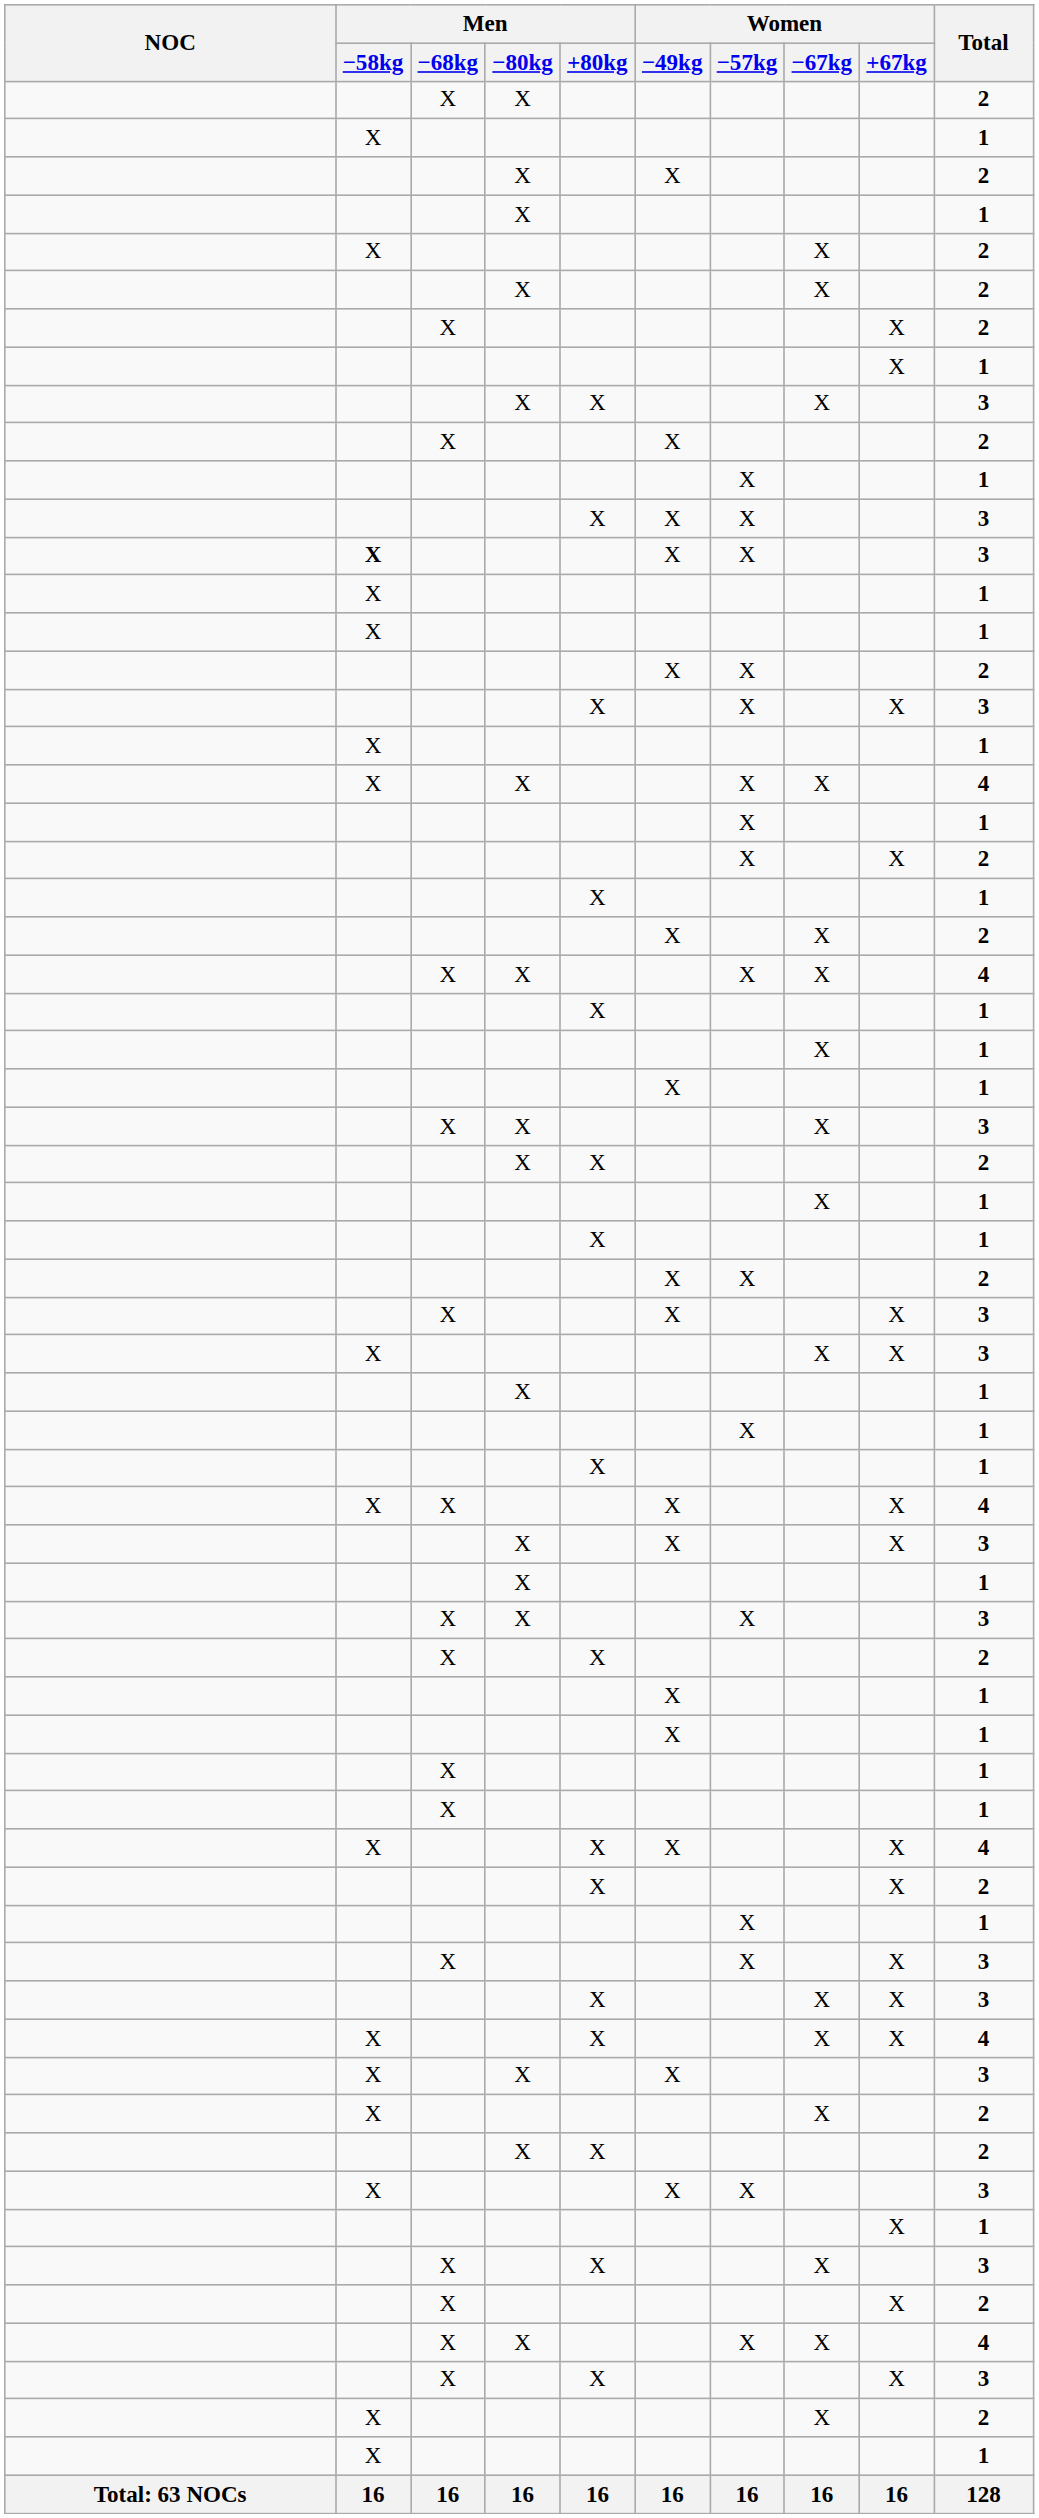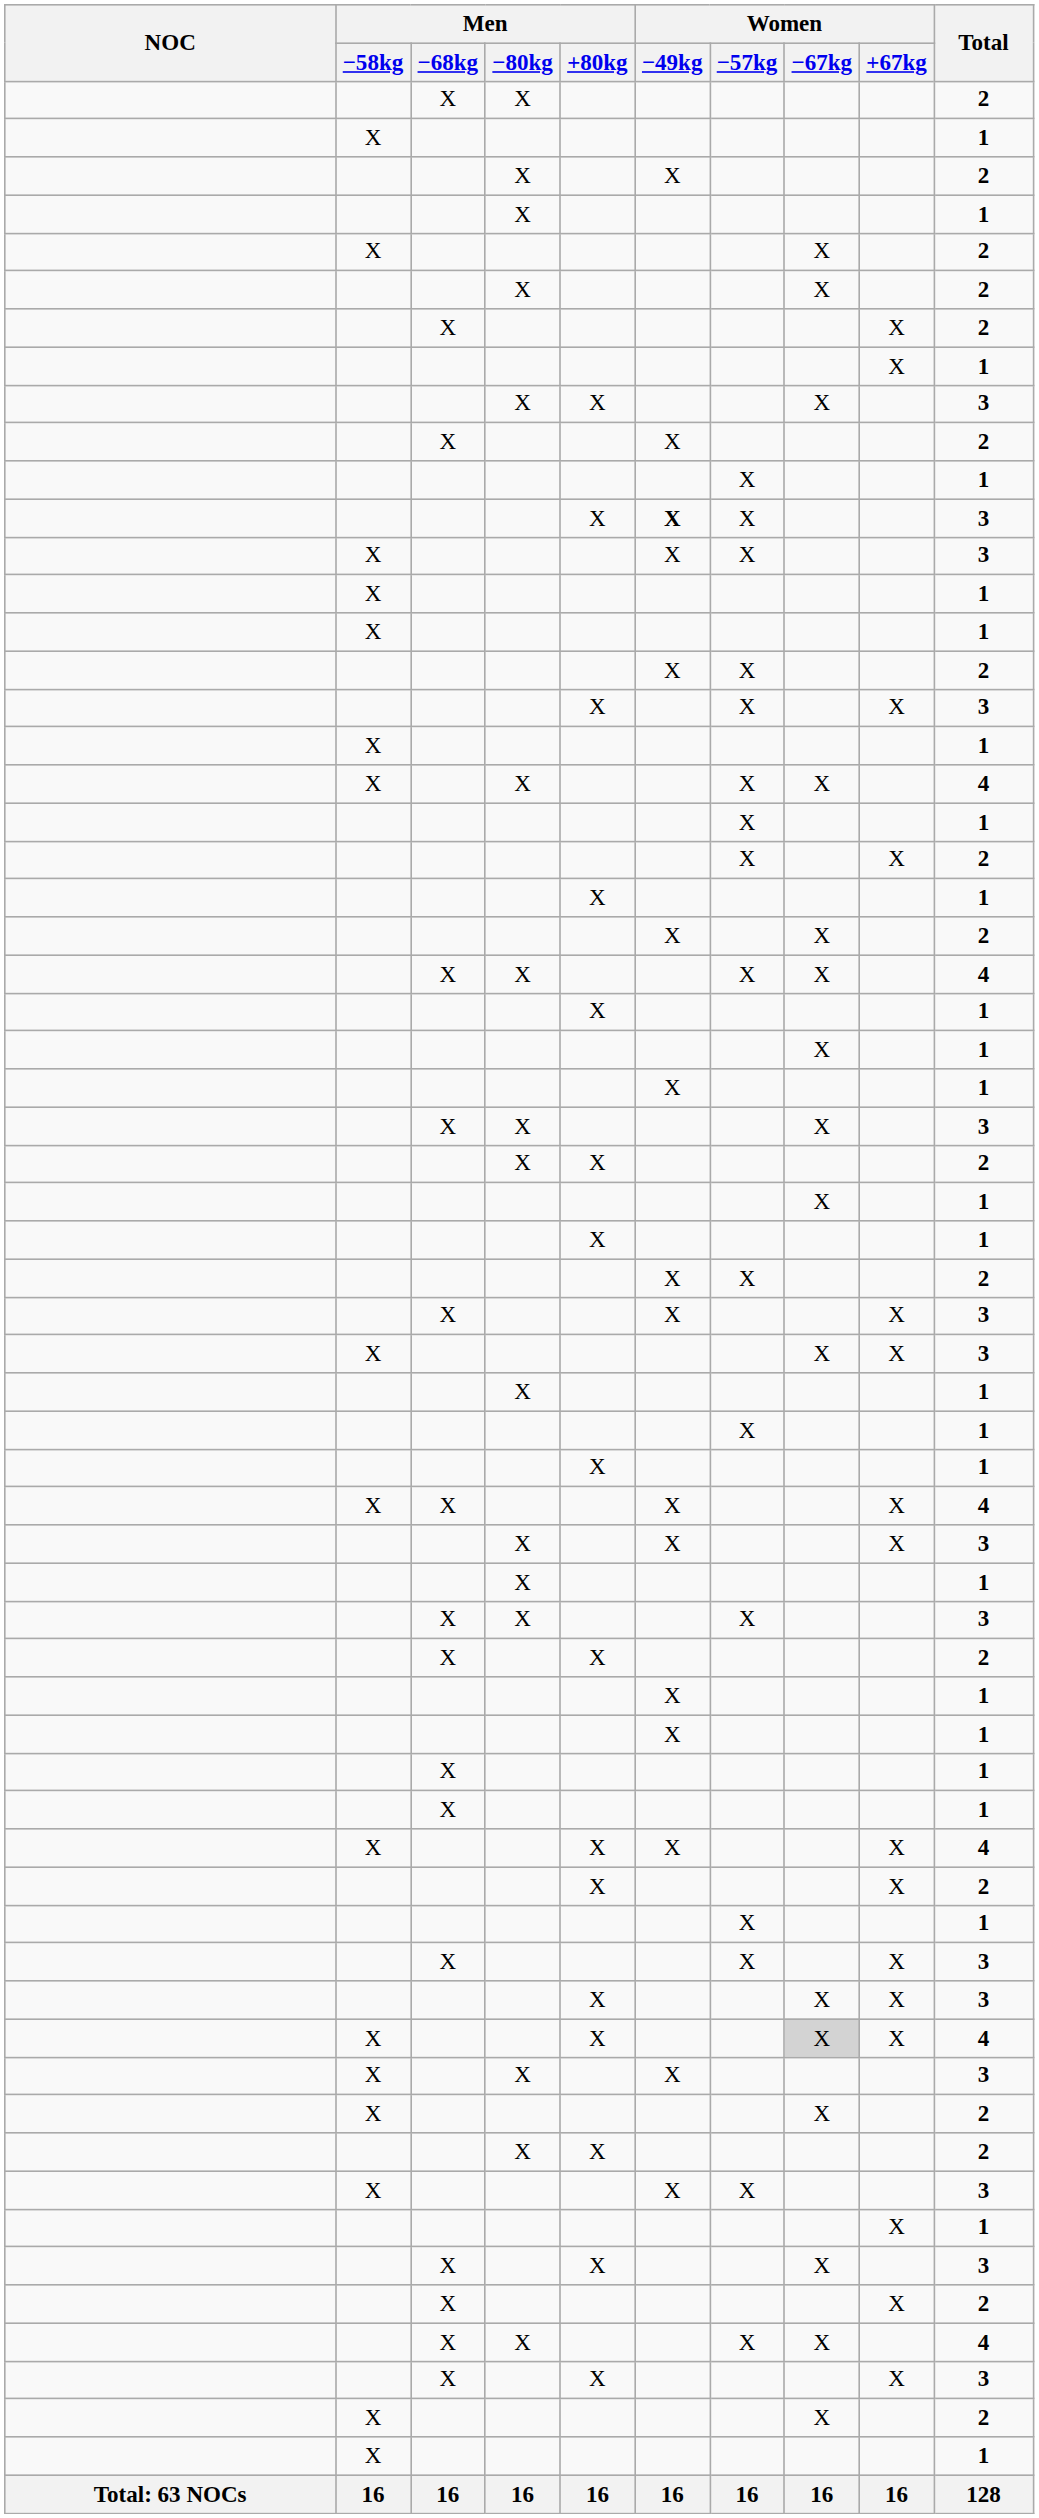 <table class="wikitable" style="text-align:center; font-size:90%">
 <tr>
 <th rowspan="2" width=200 style="text-align:center;">NOC</th>
 <th colspan="4">Men</th>
 <th colspan="4">Women</th>
 <th width=55 rowspan="2">Total</th>
 </tr>
 <tr>
 <th width=40><a href='#'>−58kg</a></th>
 <th width=40><a href='#'>−68kg</a></th>
 <th width=40><a href='#'>−80kg</a></th>
 <th width=40><a href='#'>+80kg</a></th>
 <th width=40><a href='#'>−49kg</a></th>
 <th width=40><a href='#'>−57kg</a></th>
 <th width=40><a href='#'>−67kg</a></th>
 <th width=40><a href='#'>+67kg</a></th>
 </tr>
 <tr>
 <td style="text-align:left;"></td>
 <td></td>
 <td>X</td>
 <td>X</td>
 <td></td>
 <td></td>
 <td></td>
 <td></td>
 <td></td>
 <td><strong>2</strong></td>
 </tr>
 <tr>
 <td style="text-align:left;"></td>
 <td>X</td>
 <td></td>
 <td></td>
 <td></td>
 <td></td>
 <td></td>
 <td></td>
 <td></td>
 <td><strong>1</strong></td>
 </tr>
 <tr>
 <td style="text-align:left;"></td>
 <td></td>
 <td></td>
 <td>X</td>
 <td></td>
 <td>X</td>
 <td></td>
 <td></td>
 <td></td>
 <td><strong>2</strong></td>
 </tr>
 <tr>
 <td style="text-align:left;"></td>
 <td></td>
 <td></td>
 <td>X</td>
 <td></td>
 <td></td>
 <td></td>
 <td></td>
 <td></td>
 <td><strong>1</strong></td>
 </tr>
 <tr>
 <td style="text-align:left;"></td>
 <td>X</td>
 <td></td>
 <td></td>
 <td></td>
 <td></td>
 <td></td>
 <td>X</td>
 <td></td>
 <td><strong>2</strong></td>
 </tr>
 <tr>
 <td style="text-align:left;"></td>
 <td></td>
 <td></td>
 <td>X</td>
 <td></td>
 <td></td>
 <td></td>
 <td>X</td>
 <td></td>
 <td><strong>2</strong></td>
 </tr>
 <tr>
 <td style="text-align:left;"></td>
 <td></td>
 <td>X</td>
 <td></td>
 <td></td>
 <td></td>
 <td></td>
 <td></td>
 <td>X</td>
 <td><strong>2</strong></td>
 </tr>
 <tr>
 <td style="text-align:left;"></td>
 <td></td>
 <td></td>
 <td></td>
 <td></td>
 <td></td>
 <td></td>
 <td></td>
 <td>X</td>
 <td><strong>1</strong></td>
 </tr>
 <tr>
 <td style="text-align:left;"></td>
 <td></td>
 <td></td>
 <td>X</td>
 <td>X</td>
 <td></td>
 <td></td>
 <td>X</td>
 <td></td>
 <td><strong>3</strong></td>
 </tr>
 <tr>
 <td style="text-align:left;"></td>
 <td></td>
 <td>X</td>
 <td></td>
 <td></td>
 <td>X</td>
 <td></td>
 <td></td>
 <td></td>
 <td><strong>2</strong></td>
 </tr>
 <tr>
 <td style="text-align:left;"></td>
 <td></td>
 <td></td>
 <td></td>
 <td></td>
 <td></td>
 <td>X</td>
 <td></td>
 <td></td>
 <td><strong>1</strong></td>
 </tr>
 <tr>
 <td style="text-align:left;"></td>
 <td></td>
 <td></td>
 <td></td>
 <td>X</td>
-<td>X</td>
+<td><strong>X</strong></td>
 <td>X</td>
 <td></td>
 <td></td>
 <td><strong>3</strong></td>
 </tr>
 <tr>
 <td style="text-align:left;"></td>
-<td><strong>X</strong></td>
+<td>X</td>
 <td></td>
 <td></td>
 <td></td>
 <td>X</td>
 <td>X</td>
 <td></td>
 <td></td>
 <td><strong>3</strong></td>
 </tr>
 <tr>
 <td style="text-align:left;"></td>
 <td>X</td>
 <td></td>
 <td></td>
 <td></td>
 <td></td>
 <td></td>
 <td></td>
 <td></td>
 <td><strong>1</strong></td>
 </tr>
 <tr>
 <td style="text-align:left;"></td>
 <td>X</td>
 <td></td>
 <td></td>
 <td></td>
 <td></td>
 <td></td>
 <td></td>
 <td></td>
 <td><strong>1</strong></td>
 </tr>
 <tr>
 <td style="text-align:left;"></td>
 <td></td>
 <td></td>
 <td></td>
 <td></td>
 <td>X</td>
 <td>X</td>
 <td></td>
 <td></td>
 <td><strong>2</strong></td>
 </tr>
 <tr>
 <td style="text-align:left;"></td>
 <td></td>
 <td></td>
 <td></td>
 <td>X</td>
 <td></td>
 <td>X</td>
 <td></td>
 <td>X</td>
 <td><strong>3</strong></td>
 </tr>
 <tr>
 <td style="text-align:left;"></td>
 <td>X</td>
 <td></td>
 <td></td>
 <td></td>
 <td></td>
 <td></td>
 <td></td>
 <td></td>
 <td><strong>1</strong></td>
 </tr>
 <tr>
 <td style="text-align:left;"></td>
 <td>X</td>
 <td></td>
 <td>X</td>
 <td></td>
 <td></td>
 <td>X</td>
 <td>X</td>
 <td></td>
 <td><strong>4</strong></td>
 </tr>
 <tr>
 <td style="text-align:left;"></td>
 <td></td>
 <td></td>
 <td></td>
 <td></td>
 <td></td>
 <td>X</td>
 <td></td>
 <td></td>
 <td><strong>1</strong></td>
 </tr>
 <tr>
 <td style="text-align:left;"></td>
 <td></td>
 <td></td>
 <td></td>
 <td></td>
 <td></td>
 <td>X</td>
 <td></td>
 <td>X</td>
 <td><strong>2</strong></td>
 </tr>
 <tr>
 <td style="text-align:left;"></td>
 <td></td>
 <td></td>
 <td></td>
 <td>X</td>
 <td></td>
 <td></td>
 <td></td>
 <td></td>
 <td><strong>1</strong></td>
 </tr>
 <tr>
 <td style="text-align:left;"></td>
 <td></td>
 <td></td>
 <td></td>
 <td></td>
 <td>X</td>
 <td></td>
 <td>X</td>
 <td></td>
 <td><strong>2</strong></td>
 </tr>
 <tr>
 <td style="text-align:left;"></td>
 <td></td>
 <td>X</td>
 <td>X</td>
 <td></td>
 <td></td>
 <td>X</td>
 <td>X</td>
 <td></td>
 <td><strong>4</strong></td>
 </tr>
 <tr>
 <td style="text-align:left;"></td>
 <td></td>
 <td></td>
 <td></td>
 <td>X</td>
 <td></td>
 <td></td>
 <td></td>
 <td></td>
 <td><strong>1</strong></td>
 </tr>
 <tr>
 <td style="text-align:left;"></td>
 <td></td>
 <td></td>
 <td></td>
 <td></td>
 <td></td>
 <td></td>
 <td>X</td>
 <td></td>
 <td><strong>1</strong></td>
 </tr>
 <tr>
 <td style="text-align:left;"></td>
 <td></td>
 <td></td>
 <td></td>
 <td></td>
 <td>X</td>
 <td></td>
 <td></td>
 <td></td>
 <td><strong>1</strong></td>
 </tr>
 <tr>
 <td style="text-align:left;"></td>
 <td></td>
 <td>X</td>
 <td>X</td>
 <td></td>
 <td></td>
 <td></td>
 <td>X</td>
 <td></td>
 <td><strong>3</strong></td>
 </tr>
 <tr>
 <td style="text-align:left;"></td>
 <td></td>
 <td></td>
 <td>X</td>
 <td>X</td>
 <td></td>
 <td></td>
 <td></td>
 <td></td>
 <td><strong>2</strong></td>
 </tr>
 <tr>
 <td style="text-align:left;"></td>
 <td></td>
 <td></td>
 <td></td>
 <td></td>
 <td></td>
 <td></td>
 <td>X</td>
 <td></td>
 <td><strong>1</strong></td>
 </tr>
 <tr>
 <td style="text-align:left;"></td>
 <td></td>
 <td></td>
 <td></td>
 <td>X</td>
 <td></td>
 <td></td>
 <td></td>
 <td></td>
 <td><strong>1</strong></td>
 </tr>
 <tr>
 <td style="text-align:left;"></td>
 <td></td>
 <td></td>
 <td></td>
 <td></td>
 <td>X</td>
 <td>X</td>
 <td></td>
 <td></td>
 <td><strong>2</strong></td>
 </tr>
 <tr>
 <td style="text-align:left;"></td>
 <td></td>
 <td>X</td>
 <td></td>
 <td></td>
 <td>X</td>
 <td></td>
 <td></td>
 <td>X</td>
 <td><strong>3</strong></td>
 </tr>
 <tr>
 <td style="text-align:left;"></td>
 <td>X</td>
 <td></td>
 <td></td>
 <td></td>
 <td></td>
 <td></td>
 <td>X</td>
 <td>X</td>
 <td><strong>3</strong></td>
 </tr>
 <tr>
 <td style="text-align:left;"></td>
 <td></td>
 <td></td>
 <td>X</td>
 <td></td>
 <td></td>
 <td></td>
 <td></td>
 <td></td>
 <td><strong>1</strong></td>
 </tr>
 <tr>
 <td style="text-align:left;"></td>
 <td></td>
 <td></td>
 <td></td>
 <td></td>
 <td></td>
 <td>X</td>
 <td></td>
 <td></td>
 <td><strong>1</strong></td>
 </tr>
 <tr>
 <td style="text-align:left;"></td>
 <td></td>
 <td></td>
 <td></td>
 <td>X</td>
 <td></td>
 <td></td>
 <td></td>
 <td></td>
 <td><strong>1</strong></td>
 </tr>
 <tr>
 <td style="text-align:left;"></td>
 <td>X</td>
 <td>X</td>
 <td></td>
 <td></td>
 <td>X</td>
 <td></td>
 <td></td>
 <td>X</td>
 <td><strong>4</strong></td>
 </tr>
 <tr>
 <td style="text-align:left;"></td>
 <td></td>
 <td></td>
 <td>X</td>
 <td></td>
 <td>X</td>
 <td></td>
 <td></td>
 <td>X</td>
 <td><strong>3</strong></td>
 </tr>
 <tr>
 <td style="text-align:left;"></td>
 <td></td>
 <td></td>
 <td>X</td>
 <td></td>
 <td></td>
 <td></td>
 <td></td>
 <td></td>
 <td><strong>1</strong></td>
 </tr>
 <tr>
 <td style="text-align:left;"></td>
 <td></td>
 <td>X</td>
 <td>X</td>
 <td></td>
 <td></td>
 <td>X</td>
 <td></td>
 <td></td>
 <td><strong>3</strong></td>
 </tr>
 <tr>
 <td style="text-align:left;"></td>
 <td></td>
 <td>X</td>
 <td></td>
 <td>X</td>
 <td></td>
 <td></td>
 <td></td>
 <td></td>
 <td><strong>2</strong></td>
 </tr>
 <tr>
 <td style="text-align:left;"></td>
 <td></td>
 <td></td>
 <td></td>
 <td></td>
 <td>X</td>
 <td></td>
 <td></td>
 <td></td>
 <td><strong>1</strong></td>
 </tr>
 <tr>
 <td style="text-align:left;"></td>
 <td></td>
 <td></td>
 <td></td>
 <td></td>
 <td>X</td>
 <td></td>
 <td></td>
 <td></td>
 <td><strong>1</strong></td>
 </tr>
 <tr>
 <td style="text-align:left;"></td>
 <td></td>
 <td>X</td>
 <td></td>
 <td></td>
 <td></td>
 <td></td>
 <td></td>
 <td></td>
 <td><strong>1</strong></td>
 </tr>
 <tr>
 <td style="text-align:left;"></td>
 <td></td>
 <td>X</td>
 <td></td>
 <td></td>
 <td></td>
 <td></td>
 <td></td>
 <td></td>
 <td><strong>1</strong></td>
 </tr>
 <tr>
 <td style="text-align:left;"></td>
 <td>X</td>
 <td></td>
 <td></td>
 <td>X</td>
 <td>X</td>
 <td></td>
 <td></td>
 <td>X</td>
 <td><strong>4</strong></td>
 </tr>
 <tr>
 <td style="text-align:left;"></td>
 <td></td>
 <td></td>
 <td></td>
 <td>X</td>
 <td></td>
 <td></td>
 <td></td>
 <td>X</td>
 <td><strong>2</strong></td>
 </tr>
 <tr>
 <td style="text-align:left;"></td>
 <td></td>
 <td></td>
 <td></td>
 <td></td>
 <td></td>
 <td>X</td>
 <td></td>
 <td></td>
 <td><strong>1</strong></td>
 </tr>
 <tr>
 <td style="text-align:left;"></td>
 <td></td>
 <td>X</td>
 <td></td>
 <td></td>
 <td></td>
 <td>X</td>
 <td></td>
 <td>X</td>
 <td><strong>3</strong></td>
 </tr>
 <tr>
 <td style="text-align:left;"></td>
 <td></td>
 <td></td>
 <td></td>
 <td>X</td>
 <td></td>
 <td></td>
 <td>X</td>
 <td>X</td>
 <td><strong>3</strong></td>
 </tr>
 <tr>
 <td style="text-align:left;"></td>
 <td>X</td>
 <td></td>
 <td></td>
 <td>X</td>
 <td></td>
 <td></td>
-<td>X</td>
+<td style="background: lightgrey;">X</td>
 <td>X</td>
 <td><strong>4</strong></td>
 </tr>
 <tr>
 <td style="text-align:left;"></td>
 <td>X</td>
 <td></td>
 <td>X</td>
 <td></td>
 <td>X</td>
 <td></td>
 <td></td>
 <td></td>
 <td><strong>3</strong></td>
 </tr>
 <tr>
 <td style="text-align:left;"></td>
 <td>X</td>
 <td></td>
 <td></td>
 <td></td>
 <td></td>
 <td></td>
 <td>X</td>
 <td></td>
 <td><strong>2</strong></td>
 </tr>
 <tr>
 <td style="text-align:left;"></td>
 <td></td>
 <td></td>
 <td>X</td>
 <td>X</td>
 <td></td>
 <td></td>
 <td></td>
 <td></td>
 <td><strong>2</strong></td>
 </tr>
 <tr>
 <td style="text-align:left;"></td>
 <td>X</td>
 <td></td>
 <td></td>
 <td></td>
 <td>X</td>
 <td>X</td>
 <td></td>
 <td></td>
 <td><strong>3</strong></td>
 </tr>
 <tr>
 <td style="text-align:left;"></td>
 <td></td>
 <td></td>
 <td></td>
 <td></td>
 <td></td>
 <td></td>
 <td></td>
 <td>X</td>
 <td><strong>1</strong></td>
 </tr>
 <tr>
 <td style="text-align:left;"></td>
 <td></td>
 <td>X</td>
 <td></td>
 <td>X</td>
 <td></td>
 <td></td>
 <td>X</td>
 <td></td>
 <td><strong>3</strong></td>
 </tr>
 <tr>
 <td style="text-align:left;"></td>
 <td></td>
 <td>X</td>
 <td></td>
 <td></td>
 <td></td>
 <td></td>
 <td></td>
 <td>X</td>
 <td><strong>2</strong></td>
 </tr>
 <tr>
 <td style="text-align:left;"></td>
 <td></td>
 <td>X</td>
 <td>X</td>
 <td></td>
 <td></td>
 <td>X</td>
 <td>X</td>
 <td></td>
 <td><strong>4</strong></td>
 </tr>
 <tr>
 <td style="text-align:left;"></td>
 <td></td>
 <td>X</td>
 <td></td>
 <td>X</td>
 <td></td>
 <td></td>
 <td></td>
 <td>X</td>
 <td><strong>3</strong></td>
 </tr>
 <tr>
 <td style="text-align:left;"></td>
 <td>X</td>
 <td></td>
 <td></td>
 <td></td>
 <td></td>
 <td></td>
 <td>X</td>
 <td></td>
 <td><strong>2</strong></td>
 </tr>
 <tr>
 <td style="text-align:left;"></td>
 <td>X</td>
 <td></td>
 <td></td>
 <td></td>
 <td></td>
 <td></td>
 <td></td>
 <td></td>
 <td><strong>1</strong></td>
 </tr>
 <tr>
 <th>Total: 63 NOCs</th>
 <th>16</th>
 <th>16</th>
 <th>16</th>
 <th>16</th>
 <th>16</th>
 <th>16</th>
 <th>16</th>
 <th>16</th>
 <th>128</th>
 </tr>
 </table>
